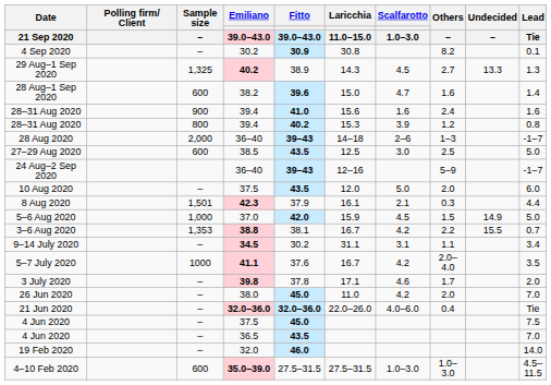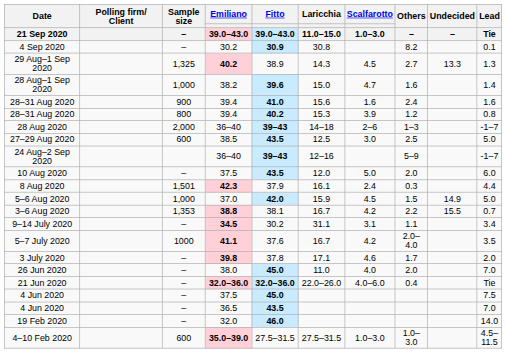 <table class="wikitable collapsible collapsed" style="text-align:center;font-size:85%;line-height:13px">
 <tr style="height:30px; background-color:#E9E9E9">
 <th style="width:110px;" rowspan="2">Date</th>
 <th style="width:120px;" rowspan="2">Polling firm/<br>Client</th>
 <th style="width:60px;" rowspan="2">Sample size</th>
 <th style="width:65px;"><a href='#'>Emiliano</a></th>
 <th style="width:65px;"><a href='#'>Fitto</a></th>
 <th style="width:65px;">Laricchia</th>
 <th style="width:65px;"><a href='#'>Scalfarotto</a></th>
 <th style="width:35px;" rowspan="2">Others</th>
 <th style="width:35px;" rowspan="2">Undecided</th>
 <th style="width:25px;" rowspan="2">Lead</th>
 </tr>
 <tr>
 <th style="background:"></th>
 <th style="background:"></th>
 <th style="background:"></th>
 <th style="background:"></th>
 </tr>
 <tr>
 <th>21 Sep 2020</th>
 <th></th>
 <th>–</th>
 <th style="background:#FFD0D7"><strong>39.0–43.0</strong></th>
 <th style="background:#C8EBFF"><strong>39.0–43.0</strong></th>
 <th>11.0–15.0</th>
 <th>1.0–3.0</th>
 <th>–</th>
 <th>–</th>
 <th>Tie</th>
 </tr>
 <tr>
 <td>4 Sep 2020</td>
 <td></td>
 <td>–</td>
 <td>30.2</td>
 <td style="background:#C8EBFF"><strong>30.9</strong></td>
 <td>30.8</td>
 <td></td>
 <td>8.2</td>
 <td></td>
 <td style="background:">0.1</td>
 </tr>
 <tr>
 <td>29 Aug–1 Sep 2020</td>
 <td></td>
 <td>1,325</td>
 <td style="background:#FFD0D7"><strong>40.2</strong></td>
 <td>38.9</td>
 <td>14.3</td>
 <td>4.5</td>
 <td>2.7</td>
 <td>13.3</td>
 <td style="background:">1.3</td>
 </tr>
 <tr>
 <td>28 Aug–1 Sep 2020</td>
 <td></td>
-<td>600</td>
+<td>1,000</td>
 <td>38.2</td>
 <td style="background:#C8EBFF"><strong>39.6</strong></td>
 <td>15.0</td>
 <td>4.7</td>
 <td>1.6</td>
 <td></td>
 <td style="background:">1.4</td>
 </tr>
 <tr>
 <td>28–31 Aug 2020</td>
 <td></td>
 <td>900</td>
 <td>39.4</td>
 <td style="background:#C8EBFF"><strong>41.0</strong></td>
 <td>15.6</td>
 <td>1.6</td>
 <td>2.4</td>
 <td></td>
 <td style="background:">1.6</td>
 </tr>
 <tr>
 <td>28–31 Aug 2020</td>
 <td></td>
 <td>800</td>
 <td>39.4</td>
 <td style="background:#C8EBFF"><strong>40.2</strong></td>
 <td>15.3</td>
 <td>3.9</td>
 <td>1.2</td>
 <td></td>
 <td style="background:">0.8</td>
 </tr>
 <tr>
 <td>28 Aug 2020</td>
 <td></td>
 <td>2,000</td>
 <td>36–40</td>
 <td style="background:#C8EBFF"><strong>39–43</strong></td>
 <td>14–18</td>
 <td>2–6</td>
 <td>1–3</td>
 <td></td>
 <td style="background:">-1–7</td>
 </tr>
 <tr>
 <td>27–29 Aug 2020</td>
 <td></td>
 <td>600</td>
 <td>38.5</td>
 <td style="background:#C8EBFF"><strong>43.5</strong></td>
 <td>12.5</td>
 <td>3.0</td>
 <td>2.5</td>
 <td></td>
 <td style="background:">5.0</td>
 </tr>
 <tr>
 <td>24 Aug–2 Sep 2020</td>
 <td></td>
 <td></td>
 <td>36–40</td>
 <td style="background:#C8EBFF"><strong>39–43</strong></td>
 <td>12–16</td>
 <td></td>
 <td>5–9</td>
 <td></td>
 <td style="background:">-1–7</td>
 </tr>
 <tr>
 <td>10 Aug 2020</td>
 <td> </td>
 <td>–</td>
 <td>37.5</td>
 <td style="background:#C8EBFF"><strong>43.5</strong></td>
 <td>12.0</td>
 <td>5.0</td>
 <td>2.0</td>
 <td></td>
 <td style="background:">6.0</td>
 </tr>
 <tr>
 <td>8 Aug 2020</td>
 <td></td>
 <td>1,501</td>
 <td style="background:#FFD0D7"><strong>42.3</strong></td>
 <td>37.9</td>
 <td>16.1</td>
-<td>2.1</td>
+<td>2.4</td>
 <td>0.3</td>
 <td></td>
 <td style="background:">4.4</td>
 </tr>
 <tr>
 <td>5–6 Aug 2020</td>
 <td></td>
 <td>1,000</td>
 <td>37.0</td>
 <td style="background:#C8EBFF"><strong>42.0</strong></td>
 <td>15.9</td>
 <td>4.5</td>
 <td>1.5</td>
 <td>14.9</td>
 <td style="background:">5.0</td>
 </tr>
 <tr>
 <td>3–6 Aug 2020</td>
 <td></td>
 <td>1,353</td>
 <td style="background:#FFD0D7"><strong>38.8</strong></td>
 <td>38.1</td>
 <td>16.7</td>
 <td>4.2</td>
 <td>2.2</td>
 <td>15.5</td>
 <td style="background:">0.7</td>
 </tr>
 <tr>
 <td>9–14 July 2020</td>
 <td> </td>
 <td>–</td>
 <td style="background:#FFD0D7"><strong>34.5</strong></td>
 <td>30.2</td>
 <td>31.1</td>
 <td>3.1</td>
 <td>1.1</td>
 <td></td>
 <td style="background:">3.4</td>
 </tr>
 <tr>
 <td>5–7 July 2020</td>
 <td></td>
 <td>1000</td>
 <td style="background:#FFD0D7"><strong>41.1</strong></td>
 <td>37.6</td>
 <td>16.7</td>
 <td>4.2</td>
 <td>2.0–4.0</td>
 <td></td>
 <td style="background:">3.5</td>
 </tr>
 <tr>
 <td>3 July 2020</td>
 <td></td>
 <td>–</td>
 <td style="background:#FFD0D7"><strong>39.8</strong></td>
 <td>37.8</td>
 <td>17.1</td>
 <td>4.6</td>
 <td>1.7</td>
 <td></td>
 <td style="background:">2.0</td>
 </tr>
 <tr>
 <td>26 Jun 2020</td>
 <td></td>
 <td>–</td>
 <td>38.0</td>
 <td style="background:#C8EBFF"><strong>45.0</strong></td>
 <td>11.0</td>
-<td>4.2</td>
+<td>4.0</td>
 <td>2.0</td>
 <td></td>
 <td style="background:">7.0</td>
 </tr>
 <tr>
 <td>21 Jun 2020</td>
 <td></td>
 <td>–</td>
 <td style="background:#FFD0D7"><strong>32.0–36.0</strong></td>
 <td style="background:#C8EBFF"><strong>32.0–36.0</strong></td>
 <td>22.0–26.0</td>
 <td>4.0–6.0</td>
 <td>0.4</td>
 <td></td>
 <td>Tie</td>
 </tr>
 <tr>
 <td>4 Jun 2020</td>
 <td></td>
 <td>–</td>
 <td>37.5</td>
 <td style="background:#C8EBFF"><strong>45.0</strong></td>
 <td></td>
 <td></td>
 <td></td>
 <td></td>
 <td style="background:">7.5</td>
 </tr>
 <tr>
 <td>4 Jun 2020</td>
 <td></td>
 <td>–</td>
 <td>36.5</td>
 <td style="background:#C8EBFF"><strong>43.5</strong></td>
 <td></td>
 <td></td>
 <td></td>
 <td></td>
 <td style="background:">7.0</td>
 </tr>
 <tr>
 <td>19 Feb 2020</td>
 <td></td>
 <td>–</td>
 <td>32.0</td>
 <td style="background:#C8EBFF"><strong>46.0</strong></td>
 <td></td>
 <td></td>
 <td></td>
 <td></td>
 <td style="background:">14.0</td>
 </tr>
 <tr>
 <td>4–10 Feb 2020</td>
 <td></td>
 <td>600</td>
 <td style="background:#FFD0D7"><strong>35.0–39.0</strong></td>
 <td>27.5–31.5</td>
 <td>27.5–31.5</td>
 <td>1.0–3.0</td>
 <td>1.0–3.0</td>
 <td></td>
 <td style="background:">4.5–11.5</td>
 </tr>
 </table>
